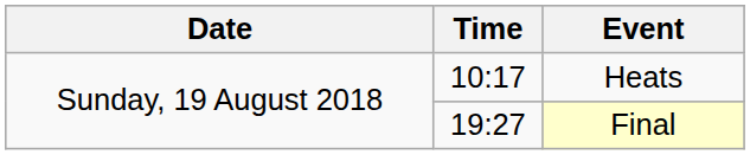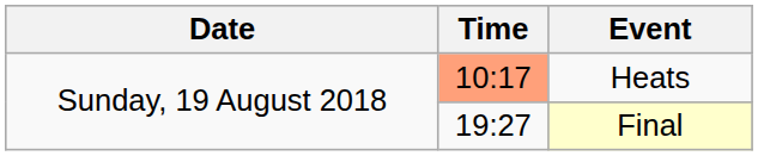 <table class = "wikitable" style="text-align:center;">
 <tr>
 <th width=220>Date</th>
 <th width=50>Time</th>
 <th width=100>Event</th>
 </tr>
 <tr>
 <td rowspan=2>Sunday, 19 August 2018</td>
-<td>10:17</td>
+<td style="background: lightsalmon;">10:17</td>
 <td>Heats</td>
 </tr>
 <tr>
 <td>19:27</td>
 <td bgcolor=ffffcc>Final</td>
 </tr>
 </table>
